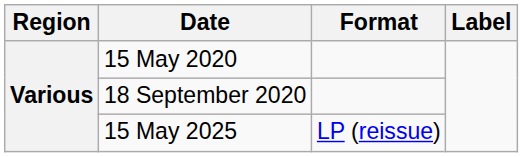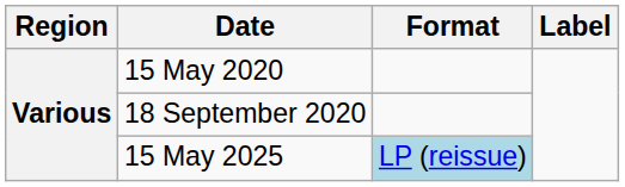 <table class="wikitable plainrowheaders">
 <tr>
 <th scope="col">Region</th>
 <th scope="col">Date</th>
 <th scope="col">Format</th>
 <th scope="col">Label</th>
 </tr>
 <tr>
 <th scope="row" rowspan="3">Various</th>
 <td>15 May 2020</td>
 <td></td>
 <td rowspan="3"></td>
 </tr>
 <tr>
 <td>18 September 2020</td>
 <td></td>
 </tr>
 <tr>
 <td>15 May 2025</td>
-<td><a href='#'>LP</a> (<a href='#'>reissue</a>) </td>
+<td style="background: lightblue;"><a href='#'>LP</a> (<a href='#'>reissue</a>) </td>
 </tr>
 </table>
